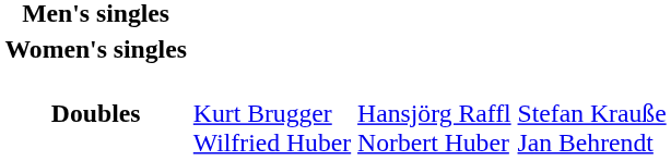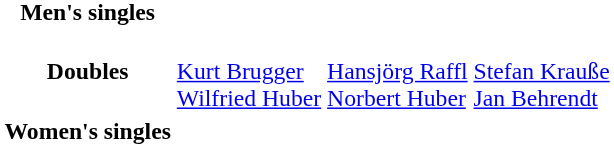 <table>
 <tr>
 <th scope="row">Men's singles <br></th>
-<td></td>
-<td></td>
-<td></td>
-</tr>
-<tr>
-<th scope="row">Women's singles <br></th>
 <td></td>
 <td></td>
 <td></td>
 </tr>
 <tr>
 <th scope="row">Doubles <br></th>
 <td><br> <a href='#'>Kurt Brugger</a> <br> <a href='#'>Wilfried Huber</a></td>
 <td><br> <a href='#'>Hansjörg Raffl</a> <br> <a href='#'>Norbert Huber</a></td>
 <td><br> <a href='#'>Stefan Krauße</a> <br> <a href='#'>Jan Behrendt</a></td>
 </tr>
+<tr>
+<th scope="row">Women's singles <br></th>
+<td></td>
+<td></td>
+<td></td>
+</tr>
 </table>
